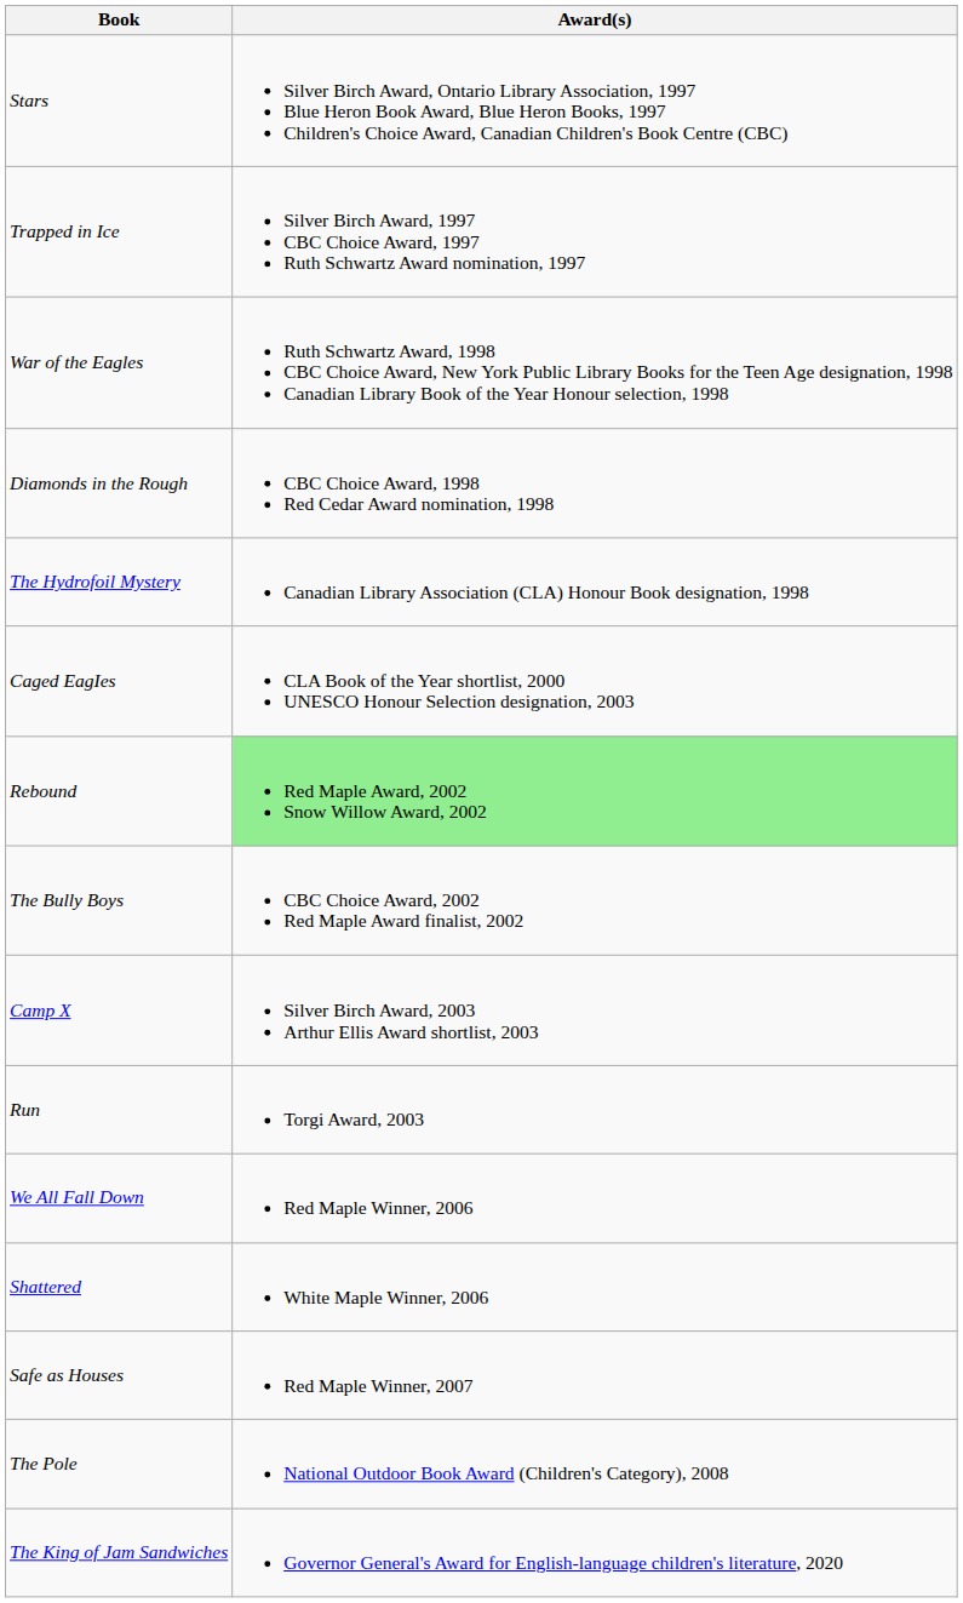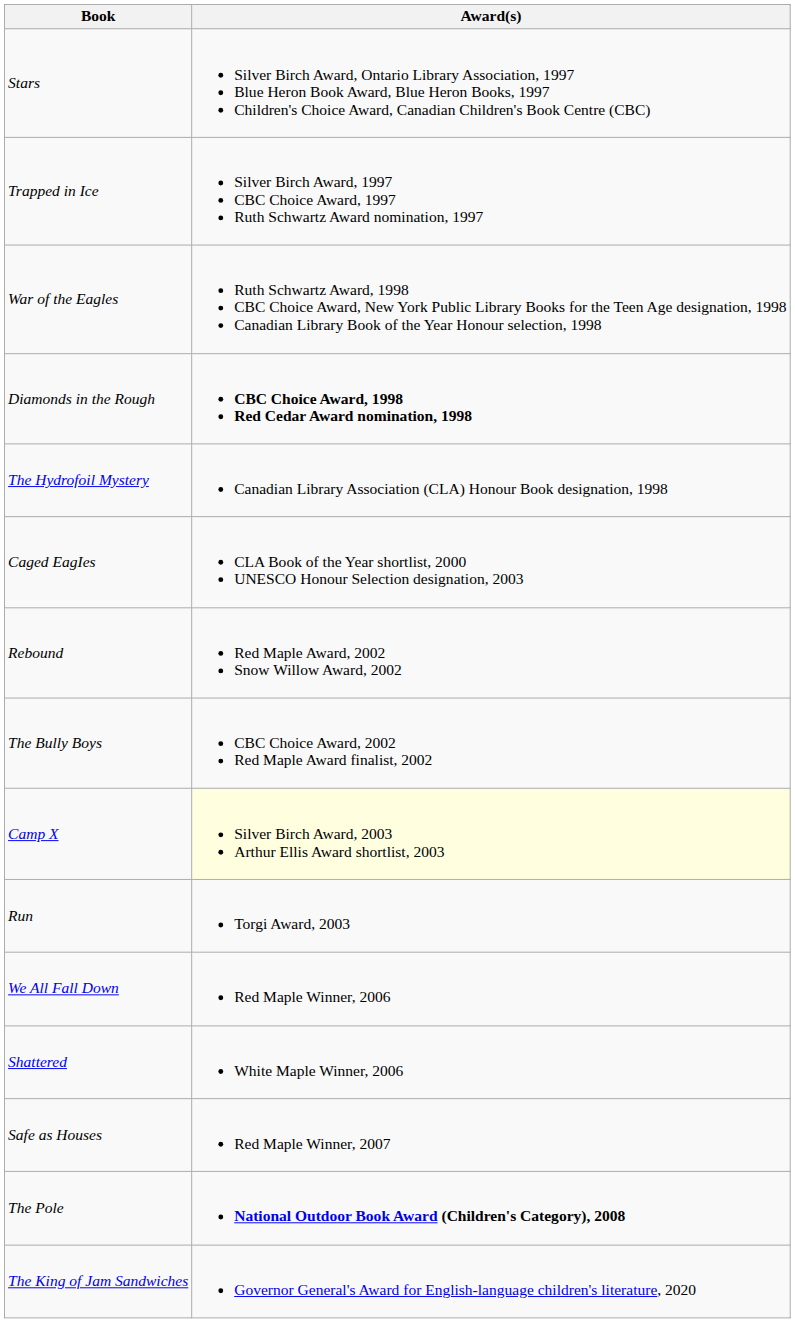 <table class="wikitable">
 <tr>
 <th>Book</th>
 <th>Award(s)</th>
 </tr>
 <tr>
 <td><em>Stars</em></td>
 <td><br><ul><li>Silver Birch Award, Ontario Library Association, 1997</li><li>Blue Heron Book Award, Blue Heron Books, 1997</li><li>Children's Choice Award, Canadian Children's Book Centre (CBC)</li></ul></td>
 </tr>
 <tr>
 <td><em>Trapped in Ice</em></td>
 <td><br><ul><li>Silver Birch Award, 1997</li><li>CBC Choice Award, 1997</li><li>Ruth Schwartz Award nomination, 1997</li></ul></td>
 </tr>
 <tr>
 <td><em>War of the Eagles</em></td>
 <td><br><ul><li>Ruth Schwartz Award, 1998</li><li>CBC Choice Award, New York Public Library Books for the Teen Age designation, 1998</li><li>Canadian Library Book of the Year Honour selection, 1998</li></ul></td>
 </tr>
 <tr>
 <td><em>Diamonds in the Rough</em></td>
-<td><br><ul><li>CBC Choice Award, 1998</li><li>Red Cedar Award nomination, 1998</li></ul></td>
+<td><strong><br><ul><li>CBC Choice Award, 1998</li><li>Red Cedar Award nomination, 1998</li></ul></strong></td>
 </tr>
 <tr>
 <td><em><a href='#'>The Hydrofoil Mystery</a></em></td>
 <td><br><ul><li>Canadian Library Association (CLA) Honour Book designation, 1998</li></ul></td>
 </tr>
 <tr>
 <td><em>Caged EagIes</em></td>
 <td><br><ul><li>CLA Book of the Year shortlist, 2000</li><li>UNESCO Honour Selection designation, 2003</li></ul></td>
 </tr>
 <tr>
 <td><em>Rebound</em></td>
-<td style="background: lightgreen;"><br><ul><li>Red Maple Award, 2002</li><li>Snow Willow Award, 2002</li></ul></td>
+<td><br><ul><li>Red Maple Award, 2002</li><li>Snow Willow Award, 2002</li></ul></td>
 </tr>
 <tr>
 <td><em>The Bully Boys</em></td>
 <td><br><ul><li>CBC Choice Award, 2002</li><li>Red Maple Award finalist, 2002</li></ul></td>
 </tr>
 <tr>
 <td><em><a href='#'>Camp X</a></em></td>
-<td><br><ul><li>Silver Birch Award, 2003</li><li>Arthur Ellis Award shortlist, 2003</li></ul></td>
+<td style="background: lightyellow;"><br><ul><li>Silver Birch Award, 2003</li><li>Arthur Ellis Award shortlist, 2003</li></ul></td>
 </tr>
 <tr>
 <td><em>Run</em></td>
 <td><br><ul><li>Torgi Award, 2003</li></ul></td>
 </tr>
 <tr>
 <td><em><a href='#'>We All Fall Down</a></em></td>
 <td><br><ul><li>Red Maple Winner, 2006</li></ul></td>
 </tr>
 <tr>
 <td><em><a href='#'>Shattered</a></em></td>
 <td><br><ul><li>White Maple Winner, 2006</li></ul></td>
 </tr>
 <tr>
 <td><em>Safe as Houses</em></td>
 <td><br><ul><li>Red Maple Winner, 2007</li></ul></td>
 </tr>
 <tr>
 <td><em>The Pole</em></td>
-<td><br><ul><li><a href='#'>National Outdoor Book Award</a> (Children's Category), 2008</li></ul></td>
+<td><strong><br><ul><li><a href='#'>National Outdoor Book Award</a> (Children's Category), 2008</li></ul></strong></td>
 </tr>
 <tr>
 <td><em><a href='#'>The King of Jam Sandwiches</a></em></td>
 <td><br><ul><li><a href='#'>Governor General's Award for English-language children's literature</a>, 2020</li></ul></td>
 </tr>
 </table>
